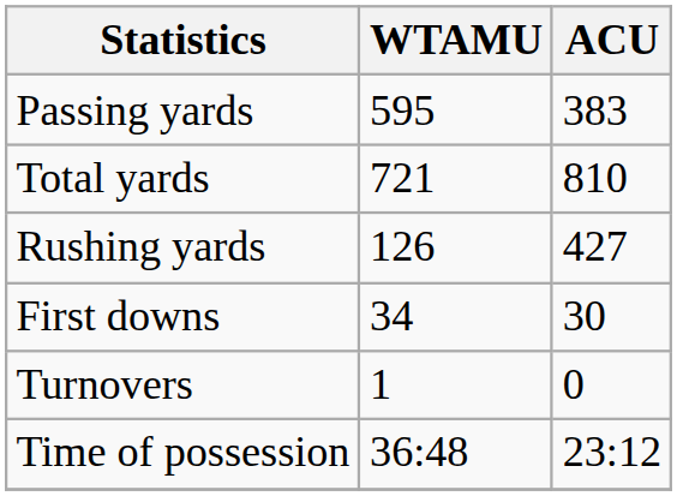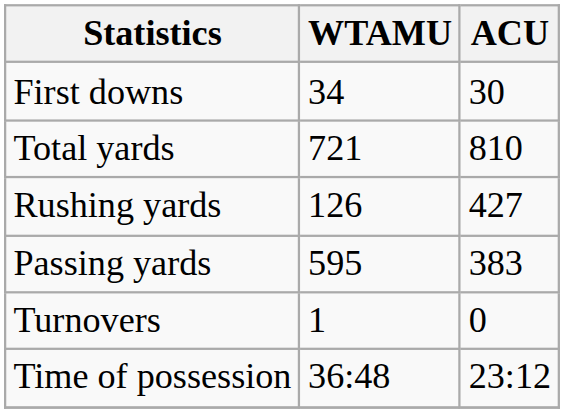 <table class="wikitable" style="float: left;">
 <tr>
 <th>Statistics</th>
 <th>WTAMU</th>
 <th>ACU</th>
 </tr>
 <tr>
-<td>Passing yards</td>
-<td>595</td>
-<td>383</td>
+<td>First downs</td>
+<td>34</td>
+<td>30</td>
 </tr>
 <tr>
 <td>Total yards</td>
 <td>721</td>
 <td>810</td>
 </tr>
 <tr>
 <td>Rushing yards</td>
 <td>126</td>
 <td>427</td>
 </tr>
 <tr>
-<td>First downs</td>
-<td>34</td>
-<td>30</td>
+<td>Passing yards</td>
+<td>595</td>
+<td>383</td>
 </tr>
 <tr>
 <td>Turnovers</td>
 <td>1</td>
 <td>0</td>
 </tr>
 <tr>
 <td>Time of possession</td>
 <td>36:48</td>
 <td>23:12</td>
 </tr>
 <tr>
 </tr>
 </table>
